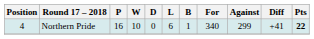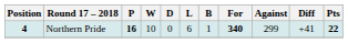 <table class="wikitable" style="text-align:center; font-size:85%;">
 <tr style="background: #d7ebed;">
 <th width="40" abbr="Position">Position</th>
 <th width="100">Round 17 – 2018</th>
 <th width="20" abbr="Played">P</th>
 <th width="20" abbr="Won">W</th>
 <th width="20" abbr="Drawn">D</th>
 <th width="20" abbr="Lost">L</th>
 <th width="20" abbr="Bye">B</th>
 <th width="40" abbr="Points for">For</th>
 <th width="40" abbr="Points against">Against</th>
 <th width="40" abbr="Points difference">Diff</th>
 <th width=20 abbr="Points">Pts</th>
 </tr>
 <tr style="background: #d7ebed;">
-<td>4</td>
+<td><strong>4</strong></td>
 <td style="text-align:left;"> Northern Pride</td>
-<td>16</td>
+<td><strong>16</strong></td>
 <td>10</td>
 <td>0</td>
 <td>6</td>
 <td>1</td>
-<td>340</td>
+<td><strong>340</strong></td>
 <td>299</td>
 <td>+41</td>
 <td><strong>22</strong></td>
 </tr>
 <tr>
 </tr>
 </table>
